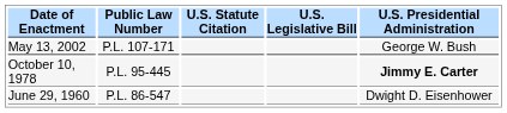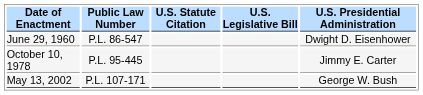 <table style="border:1px solid gray; align:left; width:70%" cellspacing=3 cellpadding=0>
 <tr style="font-weight:bold; text-align:center; background:#bbddff; color:black;">
 <th style=" border-bottom:1.5px solid black">Date of Enactment</th>
 <th style=" border-bottom:1.5px solid black">Public Law Number</th>
 <th style=" border-bottom:1.5px solid black">U.S. Statute Citation</th>
 <th style=" border-bottom:1.5px solid black">U.S. Legislative Bill</th>
 <th style=" border-bottom:1.5px solid black">U.S. Presidential Administration</th>
 </tr>
 <tr>
+<td style="border-bottom:1px solid gray; background:#F5F5F5;">June 29, 1960</td>
+<td style="border-bottom:1px solid gray; background:#F5F5F5; text-align:center;">P.L. 86-547</td>
+<td style="border-bottom:1px solid gray; background:#F5F5F5; text-align:center;"></td>
+<td style="border-bottom:1px solid gray; background:#F5F5F5; text-align:center;"></td>
+<td style="border-bottom:1px solid gray; background:#F5F5F5; text-align:center;">Dwight D. Eisenhower</td>
+</tr>
+<tr>
+<td style="border-bottom:1px solid gray; background:#F5F5F5;">October 10, 1978</td>
+<td style="border-bottom:1px solid gray; background:#F5F5F5; text-align:center;">P.L. 95-445</td>
+<td style="border-bottom:1px solid gray; background:#F5F5F5; text-align:center;"></td>
+<td style="border-bottom:1px solid gray; background:#F5F5F5; text-align:center;"></td>
+<td style="border-bottom:1px solid gray; background:#F5F5F5; text-align:center;">Jimmy E. Carter</td>
+</tr>
+<tr>
 <td style="border-bottom:1.5px solid black; background:#F5F5F5;">May 13, 2002</td>
 <td style="border-bottom:1.5px solid black; background:#F5F5F5; text-align:center;">P.L. 107-171</td>
 <td style="border-bottom:1.5px solid black; background:#F5F5F5; text-align:center;"></td>
 <td style="border-bottom:1.5px solid black; background:#F5F5F5; text-align:center;"></td>
 <td style="border-bottom:1.5px solid black; background:#F5F5F5; text-align:center;">George W. Bush</td>
 </tr>
-<tr>
-<td style="border-bottom:1px solid gray; background:#F5F5F5;">October 10, 1978</td>
-<td style="border-bottom:1px solid gray; background:#F5F5F5; text-align:center;">P.L. 95-445</td>
-<td style="border-bottom:1px solid gray; background:#F5F5F5; text-align:center;"></td>
-<td style="border-bottom:1px solid gray; background:#F5F5F5; text-align:center;"></td>
-<td style="border-bottom:1px solid gray; background:#F5F5F5; text-align:center;"><strong>Jimmy E. Carter</strong></td>
-</tr>
-<tr>
-<td style="border-bottom:1px solid gray; background:#F5F5F5;">June 29, 1960</td>
-<td style="border-bottom:1px solid gray; background:#F5F5F5; text-align:center;">P.L. 86-547</td>
-<td style="border-bottom:1px solid gray; background:#F5F5F5; text-align:center;"></td>
-<td style="border-bottom:1px solid gray; background:#F5F5F5; text-align:center;"></td>
-<td style="border-bottom:1px solid gray; background:#F5F5F5; text-align:center;">Dwight D. Eisenhower</td>
-</tr>
 </table>
